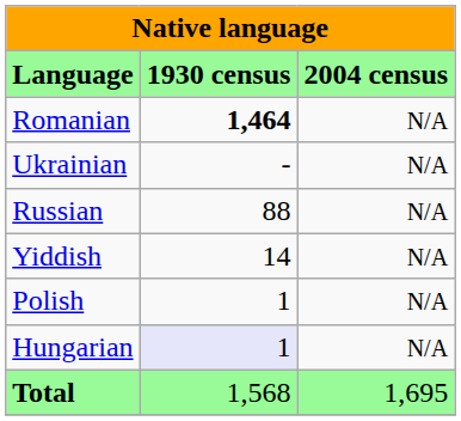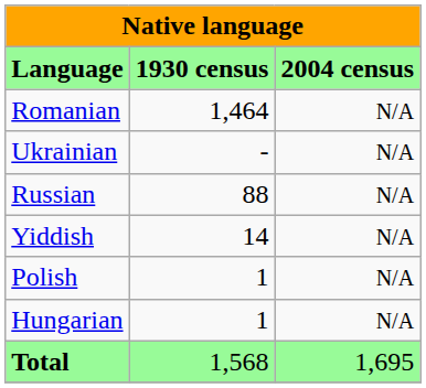 <table class="wikitable">
 <tr ---->
 <td colspan="3" align="center" bgcolor="#FFA500"><strong>Native language</strong></td>
 </tr>
 <tr ---->
 <td align="center" bgcolor="#98FB98"><strong>Language</strong></td>
 <td align="center" bgcolor="#98FB98"><strong>1930 census</strong></td>
 <td align="center" bgcolor="#98FB98"><strong>2004 census</strong></td>
 </tr>
 <tr ---->
 <td align=left><a href='#'>Romanian</a></td>
-<td align=right><strong>1,464</strong></td>
+<td align=right>1,464</td>
 <td align=right><small>N/A</small></td>
 </tr>
 <tr ---->
 <td align=left><a href='#'>Ukrainian</a></td>
 <td align=right>-</td>
 <td align=right><small>N/A</small></td>
 </tr>
 <tr ---->
 <td align=left><a href='#'>Russian</a></td>
 <td align=right>88</td>
 <td align=right><small>N/A</small></td>
 </tr>
 <tr ---->
 <td align=left><a href='#'>Yiddish</a></td>
 <td align=right>14</td>
 <td align=right><small>N/A</small></td>
 </tr>
 <tr ---->
 <td align=left><a href='#'>Polish</a></td>
 <td align=right>1</td>
 <td align=right><small>N/A</small></td>
 </tr>
 <tr ---->
 <td align=left><a href='#'>Hungarian</a></td>
-<td align=right style="background: lavender;">1</td>
+<td align=right>1</td>
 <td align=right><small>N/A</small></td>
 </tr>
 <tr ---->
 <td align=left bgcolor="#98FB98"><strong>Total</strong></td>
 <td align=right bgcolor="#98FB98">1,568</td>
 <td align=right bgcolor="#98FB98">1,695</td>
 </tr>
 <tr ---->
 </tr>
 </table>
